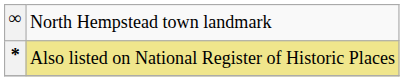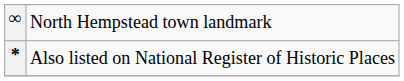 <table class="wikitable">
 <tr>
 <th><strong><sup><big>∞</big></sup></strong></th>
 <td>North Hempstead town landmark</td>
 </tr>
 <tr>
 <th ! ><strong><sup><big>*</big></sup></strong></th>
-<td style="background: khaki;">Also listed on National Register of Historic Places</td>
+<td>Also listed on National Register of Historic Places</td>
 </tr>
 <tr>
 </tr>
 </table>
